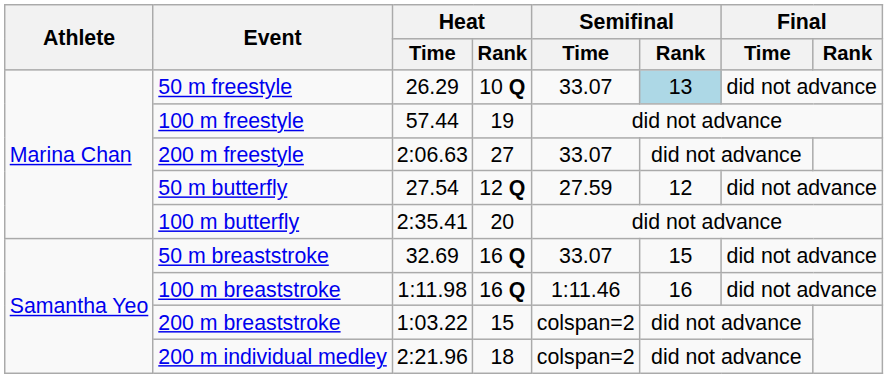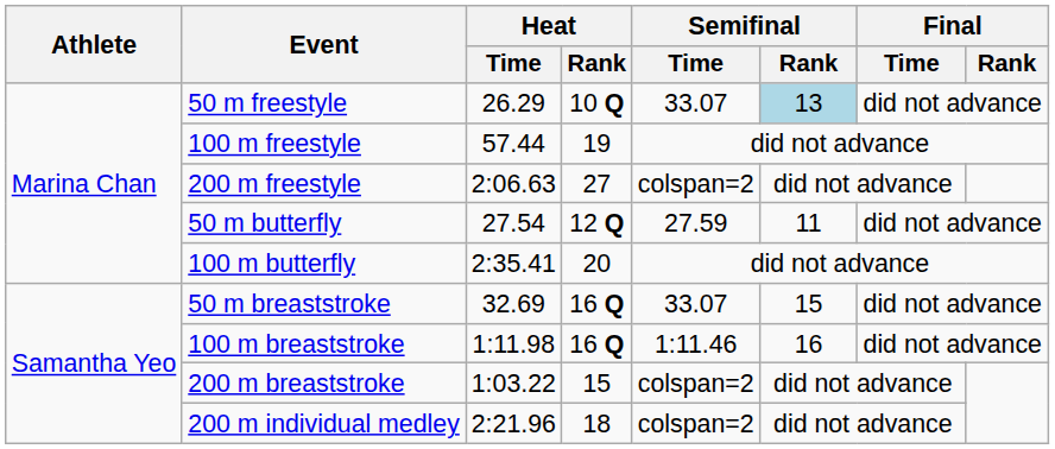 <table class=wikitable style="font-size:90%">
 <tr>
 <th rowspan=2>Athlete</th>
 <th rowspan=2>Event</th>
 <th colspan="2">Heat</th>
 <th colspan="2">Semifinal</th>
 <th colspan="2">Final</th>
 </tr>
 <tr style="font-size:95%">
 <th>Time</th>
 <th>Rank</th>
 <th>Time</th>
 <th>Rank</th>
 <th>Time</th>
 <th>Rank</th>
 </tr>
 <tr align=center>
 <td align=left rowspan=5><a href='#'>Marina Chan</a></td>
 <td align=left><a href='#'>50 m freestyle</a></td>
 <td>26.29</td>
 <td>10 <strong>Q</strong></td>
 <td>33.07</td>
 <td style="background: lightblue;">13</td>
 <td colspan=2>did not advance</td>
 </tr>
 <tr align=center>
 <td align=left><a href='#'>100 m freestyle</a></td>
 <td>57.44</td>
 <td>19</td>
 <td colspan=4>did not advance</td>
 </tr>
 <tr align=center>
 <td align=left><a href='#'>200 m freestyle</a></td>
 <td>2:06.63</td>
 <td>27</td>
-<td>33.07</td>
+<td>colspan=2 </td>
 <td colspan=2>did not advance</td>
 </tr>
 <tr align=center>
 <td align=left><a href='#'>50 m butterfly</a></td>
 <td>27.54</td>
 <td>12 <strong>Q</strong></td>
 <td>27.59</td>
-<td>12</td>
+<td>11</td>
 <td colspan=2>did not advance</td>
 </tr>
 <tr align=center>
 <td align=left><a href='#'>100 m butterfly</a></td>
 <td>2:35.41</td>
 <td>20</td>
 <td colspan=4>did not advance</td>
 </tr>
 <tr align=center>
 <td align=left rowspan=4><a href='#'>Samantha Yeo</a></td>
 <td align=left><a href='#'>50 m breaststroke</a></td>
 <td>32.69</td>
 <td>16 <strong>Q</strong></td>
 <td>33.07</td>
 <td>15</td>
 <td colspan=2>did not advance</td>
 </tr>
 <tr align=center>
 <td align=left><a href='#'>100 m breaststroke</a></td>
 <td>1:11.98</td>
 <td>16 <strong>Q</strong></td>
 <td>1:11.46</td>
 <td>16</td>
 <td colspan=2>did not advance</td>
 </tr>
 <tr align=center>
 <td align=left><a href='#'>200 m breaststroke</a></td>
 <td>1:03.22</td>
 <td>15</td>
 <td>colspan=2 </td>
 <td colspan=2>did not advance</td>
 </tr>
 <tr align=center>
 <td align=left><a href='#'>200 m individual medley</a></td>
 <td>2:21.96</td>
 <td>18</td>
 <td>colspan=2 </td>
 <td colspan=2>did not advance</td>
 </tr>
 </table>
